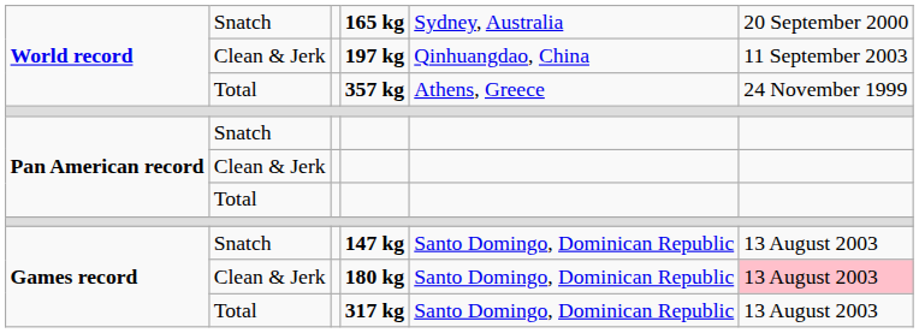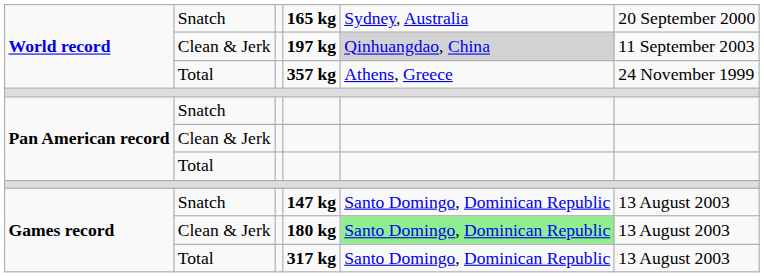 <table class="wikitable">
 <tr>
 <td rowspan=3><strong><a href='#'>World record</a></strong></td>
 <td>Snatch</td>
 <td></td>
 <td><strong>165 kg</strong></td>
 <td><a href='#'>Sydney</a>, <a href='#'>Australia</a></td>
 <td>20 September 2000</td>
 </tr>
 <tr>
 <td>Clean & Jerk</td>
 <td></td>
 <td><strong>197 kg</strong></td>
-<td><a href='#'>Qinhuangdao</a>, <a href='#'>China</a></td>
+<td style="background: lightgrey;"><a href='#'>Qinhuangdao</a>, <a href='#'>China</a></td>
 <td>11 September 2003</td>
 </tr>
 <tr>
 <td>Total</td>
 <td></td>
 <td><strong>357 kg</strong></td>
 <td><a href='#'>Athens</a>, <a href='#'>Greece</a></td>
 <td>24 November 1999</td>
 </tr>
 <tr style="background-color:#DDDDDD;">
 <td colspan=6></td>
 </tr>
 <tr>
 <td rowspan=3><strong>Pan American record</strong></td>
 <td>Snatch</td>
 <td></td>
 <td></td>
 <td></td>
 <td></td>
 </tr>
 <tr>
 <td>Clean & Jerk</td>
 <td></td>
 <td></td>
 <td></td>
 <td></td>
 </tr>
 <tr>
 <td>Total</td>
 <td></td>
 <td></td>
 <td></td>
 <td></td>
 </tr>
 <tr style="background-color:#DDDDDD;">
 <td colspan=6></td>
 </tr>
 <tr>
 <td rowspan=3><strong>Games record</strong></td>
 <td>Snatch</td>
 <td></td>
 <td><strong>147 kg</strong></td>
 <td><a href='#'>Santo Domingo</a>, <a href='#'>Dominican Republic</a></td>
 <td>13 August 2003</td>
 </tr>
 <tr>
 <td>Clean & Jerk</td>
 <td></td>
 <td><strong>180 kg</strong></td>
-<td><a href='#'>Santo Domingo</a>, <a href='#'>Dominican Republic</a></td>
-<td style="background: pink;">13 August 2003</td>
+<td style="background: lightgreen;"><a href='#'>Santo Domingo</a>, <a href='#'>Dominican Republic</a></td>
+<td>13 August 2003</td>
 </tr>
 <tr>
 <td>Total</td>
 <td></td>
 <td><strong>317 kg</strong></td>
 <td><a href='#'>Santo Domingo</a>, <a href='#'>Dominican Republic</a></td>
 <td>13 August 2003</td>
 </tr>
 </table>
